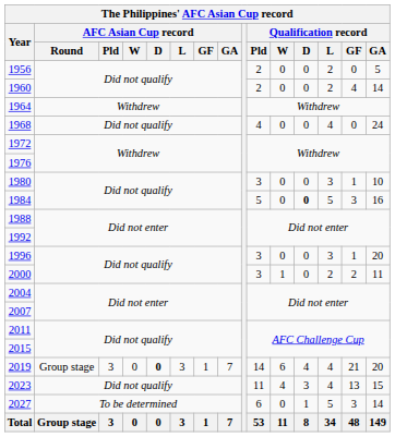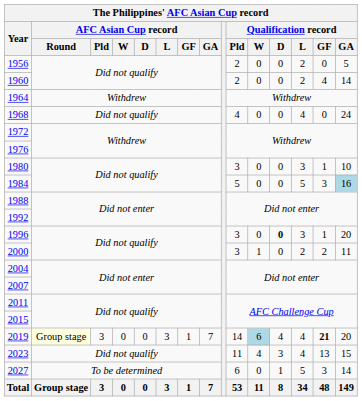 <table class="wikitable" style="text-align: center; font-size:95%">
 <tr>
 <th colspan=16>The Philippines' <a href='#'>AFC Asian Cup</a> record</th>
 </tr>
 <tr>
 <th rowspan=2>Year</th>
 <th colspan=7><a href='#'>AFC Asian Cup</a> record</th>
 <th rowspan="23"></th>
 <th colspan=6><a href='#'>Qualification</a> record</th>
 </tr>
 <tr>
 <th>Round</th>
 <th width=25>Pld</th>
 <th width=25>W</th>
 <th width=25>D</th>
 <th width=25>L</th>
 <th width=25>GF</th>
 <th width=25>GA</th>
 <th width=25>Pld</th>
 <th width=25>W</th>
 <th width=25>D</th>
 <th width=25>L</th>
 <th width=25>GF</th>
 <th width=25>GA</th>
 </tr>
 <tr>
 <td> <a href='#'>1956</a></td>
 <td colspan=7 rowspan=2><em>Did not qualify</em></td>
 <td>2</td>
 <td>0</td>
 <td>0</td>
 <td>2</td>
 <td>0</td>
 <td>5</td>
 </tr>
 <tr>
 <td> <a href='#'>1960</a></td>
 <td>2</td>
 <td>0</td>
 <td>0</td>
 <td>2</td>
 <td>4</td>
 <td>14</td>
 </tr>
 <tr>
 <td> <a href='#'>1964</a></td>
 <td colspan=7><em>Withdrew</em></td>
 <td colspan=7><em>Withdrew</em></td>
 </tr>
 <tr>
 <td> <a href='#'>1968</a></td>
 <td colspan=7><em>Did not qualify</em></td>
 <td>4</td>
 <td>0</td>
 <td>0</td>
 <td>4</td>
 <td>0</td>
 <td>24</td>
 </tr>
 <tr>
 <td> <a href='#'>1972</a></td>
 <td colspan=7 rowspan=2><em>Withdrew</em></td>
 <td colspan=7 rowspan=2><em>Withdrew</em></td>
 </tr>
 <tr>
 <td> <a href='#'>1976</a></td>
 </tr>
 <tr>
 <td> <a href='#'>1980</a></td>
 <td colspan=7 rowspan=2><em>Did not qualify</em></td>
 <td>3</td>
 <td>0</td>
 <td>0</td>
 <td>3</td>
 <td>1</td>
 <td>10</td>
 </tr>
 <tr>
 <td> <a href='#'>1984</a></td>
 <td>5</td>
 <td>0</td>
-<td><strong>0</strong></td>
+<td>0</td>
 <td>5</td>
 <td>3</td>
-<td>16</td>
+<td style="background: lightblue;">16</td>
 </tr>
 <tr>
 <td> <a href='#'>1988</a></td>
 <td colspan=7 rowspan=2><em>Did not enter</em></td>
 <td colspan=7 rowspan=2><em>Did not enter</em></td>
 </tr>
 <tr>
 <td> <a href='#'>1992</a></td>
 </tr>
 <tr>
 <td> <a href='#'>1996</a></td>
 <td colspan=7 rowspan=2><em>Did not qualify</em></td>
 <td>3</td>
 <td>0</td>
-<td>0</td>
+<td><strong>0</strong></td>
 <td>3</td>
 <td>1</td>
 <td>20</td>
 </tr>
 <tr>
 <td> <a href='#'>2000</a></td>
 <td>3</td>
 <td>1</td>
 <td>0</td>
 <td>2</td>
 <td>2</td>
 <td>11</td>
 </tr>
 <tr>
 <td> <a href='#'>2004</a></td>
 <td colspan=7 rowspan=2><em>Did not enter</em></td>
 <td colspan=7 rowspan=2><em>Did not enter</em></td>
 </tr>
 <tr>
 <td>    <a href='#'>2007</a></td>
 </tr>
 <tr>
 <td> <a href='#'>2011</a></td>
 <td colspan=7 rowspan=2><em>Did not qualify</em></td>
 <td colspan=7 rowspan=2><em><a href='#'>AFC Challenge Cup</a></em></td>
 </tr>
 <tr>
 <td> <a href='#'>2015</a></td>
 </tr>
 <tr>
 <td> <a href='#'>2019</a></td>
-<td>Group stage</td>
+<td style="background: lightyellow;">Group stage</td>
 <td>3</td>
 <td>0</td>
-<td><strong>0</strong></td>
+<td>0</td>
 <td>3</td>
 <td>1</td>
 <td>7</td>
 <td>14</td>
-<td>6</td>
+<td style="background: lightblue;">6</td>
 <td>4</td>
 <td>4</td>
-<td>21</td>
+<td><strong>21</strong></td>
 <td>20</td>
 </tr>
 <tr>
 <td> <a href='#'>2023</a></td>
 <td colspan="7"><em>Did not qualify</em></td>
 <td>11</td>
 <td>4</td>
 <td>3</td>
 <td>4</td>
 <td>13</td>
 <td>15</td>
 </tr>
 <tr>
 <td> <a href='#'>2027</a></td>
 <td colspan="7"><em>To be determined</em></td>
 <td>6</td>
 <td>0</td>
 <td>1</td>
 <td>5</td>
 <td>3</td>
 <td>14</td>
 </tr>
 <tr>
 <th><strong>Total</strong></th>
 <th>Group stage</th>
 <th>3</th>
 <th>0</th>
 <th>0</th>
 <th>3</th>
 <th>1</th>
 <th>7</th>
 <th>53</th>
 <th>11</th>
 <th>8</th>
 <th>34</th>
 <th>48</th>
 <th>149</th>
 </tr>
 </table>
